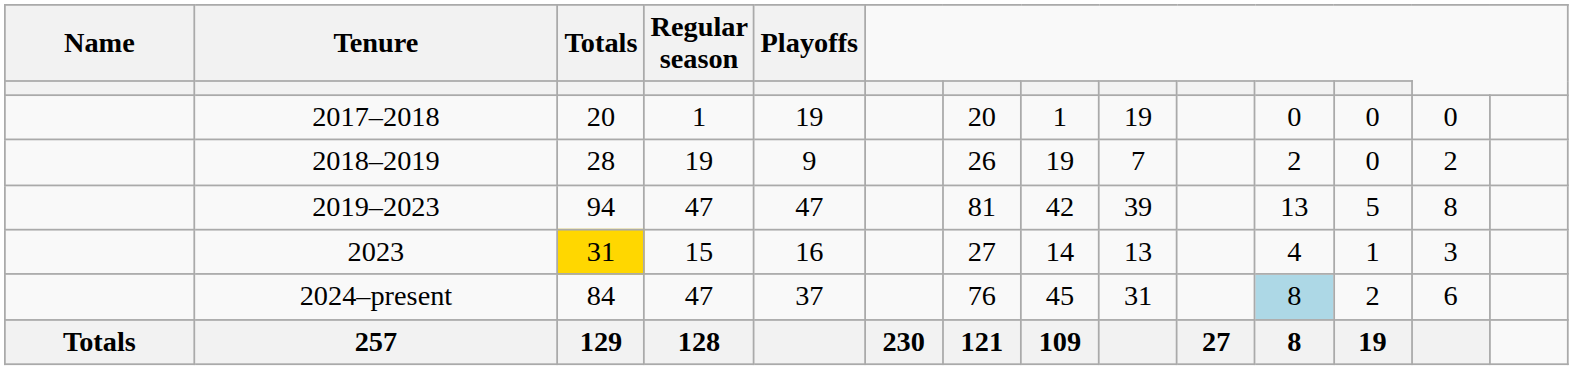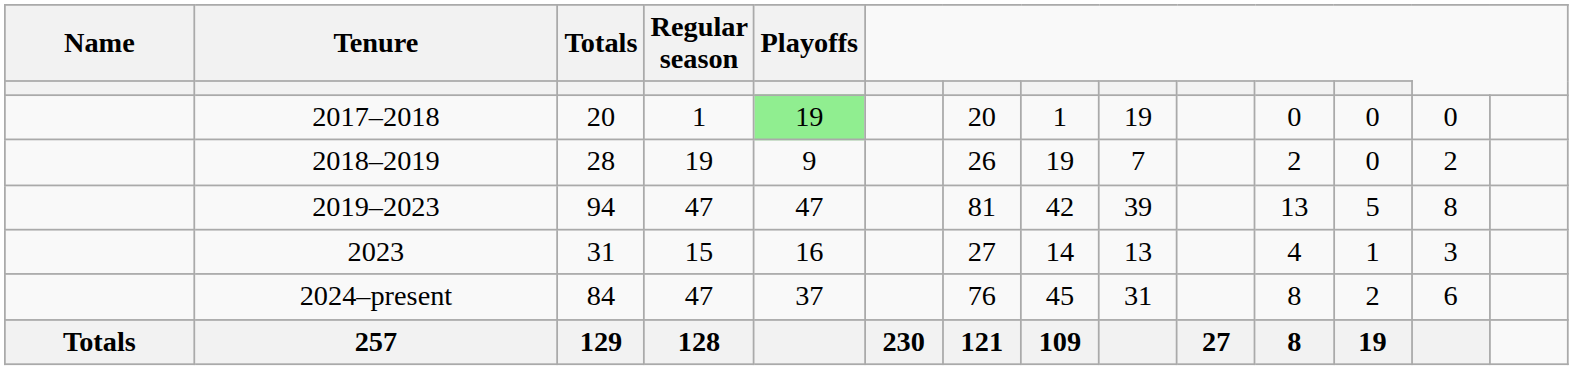 <table class="wikitable sortable" style="clear:both; margin:1.5em auto; text-align:center;">
 <tr>
 <th>Name</th>
 <th>Tenure</th>
 <th>Totals</th>
 <th>Regular season</th>
 <th>Playoffs</th>
 </tr>
 <tr>
 <th></th>
 <th></th>
 <th></th>
 <th></th>
 <th></th>
 <th></th>
 <th></th>
 <th></th>
 <th></th>
 <th></th>
 <th></th>
 <th></th>
 </tr>
 <tr>
 <td> </td>
 <td>2017–2018</td>
 <td style="width:5%;">20</td>
 <td style="width:5%;">1</td>
-<td style="width:5%;">19</td>
+<td style="background: lightgreen; width:5%;">19</td>
 <td style="width:5%;"></td>
 <td style="width:5%;">20</td>
 <td style="width:5%;">1</td>
 <td style="width:5%;">19</td>
 <td style="width:5%;"></td>
 <td style="width:5%;">0</td>
 <td style="width:5%;">0</td>
 <td style="width:5%;">0</td>
 <td style="width:5%;"></td>
 </tr>
 <tr>
 <td> </td>
 <td>2018–2019</td>
 <td style="width:5%;">28</td>
 <td style="width:5%;">19</td>
 <td style="width:5%;">9</td>
 <td style="width:5%;"></td>
 <td style="width:5%;">26</td>
 <td style="width:5%;">19</td>
 <td style="width:5%;">7</td>
 <td style="width:5%;"></td>
 <td style="width:5%;">2</td>
 <td style="width:5%;">0</td>
 <td style="width:5%;">2</td>
 <td style="width:5%;"></td>
 </tr>
 <tr>
 <td> </td>
 <td>2019–2023</td>
 <td style="width:5%;">94</td>
 <td style="width:5%;">47</td>
 <td style="width:5%;">47</td>
 <td style="width:5%;"></td>
 <td style="width:5%;">81</td>
 <td style="width:5%;">42</td>
 <td style="width:5%;">39</td>
 <td style="width:5%;"></td>
 <td style="width:5%;">13</td>
 <td style="width:5%;">5</td>
 <td style="width:5%;">8</td>
 <td style="width:5%;"></td>
 </tr>
 <tr>
 <td> </td>
 <td>2023</td>
-<td style="background: gold; width:5%;">31</td>
+<td style="width:5%;">31</td>
 <td style="width:5%;">15</td>
 <td style="width:5%;">16</td>
 <td style="width:5%;"></td>
 <td style="width:5%;">27</td>
 <td style="width:5%;">14</td>
 <td style="width:5%;">13</td>
 <td style="width:5%;"></td>
 <td style="width:5%;">4</td>
 <td style="width:5%;">1</td>
 <td style="width:5%;">3</td>
 <td style="width:5%;"></td>
 </tr>
 <tr>
 <td> </td>
 <td>2024–present</td>
 <td style="width:5%;">84</td>
 <td style="width:5%;">47</td>
 <td style="width:5%;">37</td>
 <td style="width:5%;"></td>
 <td style="width:5%;">76</td>
 <td style="width:5%;">45</td>
 <td style="width:5%;">31</td>
 <td style="width:5%;"></td>
-<td style="background: lightblue; width:5%;">8</td>
+<td style="width:5%;">8</td>
 <td style="width:5%;">2</td>
 <td style="width:5%;">6</td>
 <td style="width:5%;"></td>
 </tr>
 <tr>
 <th>Totals</th>
 <th>257</th>
 <th>129</th>
 <th>128</th>
 <th></th>
 <th>230</th>
 <th>121</th>
 <th>109</th>
 <th></th>
 <th>27</th>
 <th>8</th>
 <th>19</th>
 <th></th>
 </tr>
 </table>
